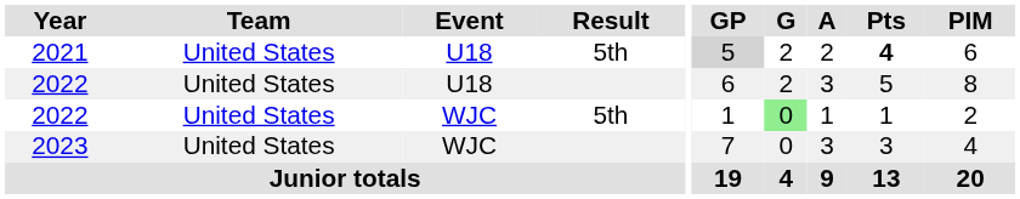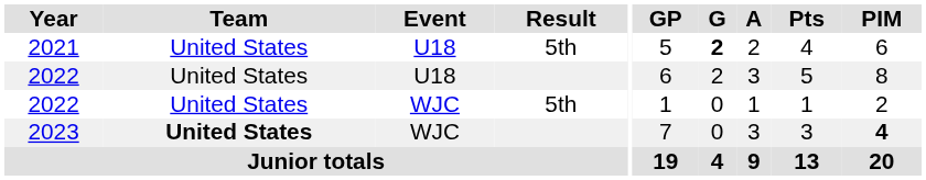 <table border="0" cellpadding="1" cellspacing="0" ID="Table3" style="text-align:center; width:40em">
 <tr ALIGN="center" bgcolor="#e0e0e0">
 <th>Year</th>
 <th>Team</th>
 <th>Event</th>
 <th>Result</th>
 <th rowspan="100" bgcolor="#ffffff"></th>
 <th>GP</th>
 <th>G</th>
 <th>A</th>
 <th>Pts</th>
 <th>PIM</th>
 </tr>
 <tr>
 <td><a href='#'>2021</a></td>
 <td><a href='#'>United States</a></td>
 <td><a href='#'>U18</a></td>
 <td>5th</td>
-<td style="background: lightgrey;">5</td>
+<td>5</td>
+<td><strong>2</strong></td>
 <td>2</td>
-<td>2</td>
-<td><strong>4</strong></td>
+<td>4</td>
 <td>6</td>
 </tr>
 <tr bgcolor="#f0f0f0">
 <td><a href='#'>2022</a></td>
 <td>United States</td>
 <td>U18</td>
 <td></td>
 <td>6</td>
 <td>2</td>
 <td>3</td>
 <td>5</td>
 <td>8</td>
 </tr>
 <tr>
 <td><a href='#'>2022</a></td>
 <td><a href='#'>United States</a></td>
 <td><a href='#'>WJC</a></td>
 <td>5th</td>
 <td>1</td>
-<td style="background: lightgreen;">0</td>
+<td>0</td>
 <td>1</td>
 <td>1</td>
 <td>2</td>
 </tr>
 <tr bgcolor="#f0f0f0">
 <td><a href='#'>2023</a></td>
-<td>United States</td>
+<td><strong>United States</strong></td>
 <td>WJC</td>
 <td></td>
 <td>7</td>
 <td>0</td>
 <td>3</td>
 <td>3</td>
-<td>4</td>
+<td><strong>4</strong></td>
 </tr>
 <tr bgcolor="#e0e0e0">
 <th colspan="4">Junior totals</th>
 <th>19</th>
 <th>4</th>
 <th>9</th>
 <th>13</th>
 <th>20</th>
 </tr>
 </table>
